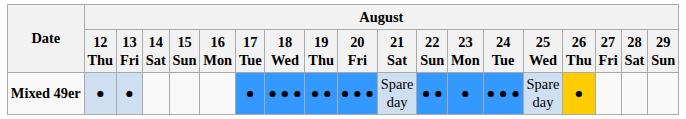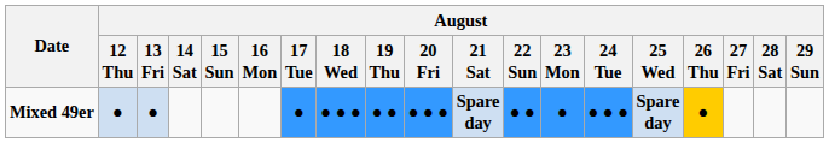 <table class="wikitable" style="margin:0.5em auto; font-size:90%; line-height:1.25em;">
 <tr>
 <th rowspan=2>Date</th>
 <th colspan=18>August</th>
 </tr>
 <tr>
 <th>12<br>Thu</th>
 <th>13<br>Fri</th>
 <th>14<br>Sat</th>
 <th>15<br>Sun</th>
 <th>16<br>Mon</th>
 <th>17<br>Tue</th>
 <th>18<br>Wed</th>
 <th>19<br>Thu</th>
 <th>20<br>Fri</th>
 <th>21<br>Sat</th>
 <th>22<br>Sun</th>
 <th>23<br>Mon</th>
 <th>24<br>Tue</th>
 <th>25<br>Wed</th>
 <th>26<br>Thu</th>
 <th>27<br>Fri</th>
 <th>28<br>Sat</th>
 <th>29<br>Sun</th>
 </tr>
 <tr align="center">
 <td align="center"><strong>Mixed 49er</strong></td>
 <td bgcolor=#cedff2><span> ● </span></td>
 <td bgcolor=#cedff2><span> ● </span></td>
 <td></td>
 <td></td>
 <td></td>
 <td bgcolor=#3399ff><span> ● </span></td>
 <td bgcolor=#3399ff><span> ● ● ● </span></td>
 <td bgcolor=#3399ff><span> ● ● </span></td>
 <td bgcolor=#3399ff><span> ● ● ● </span></td>
-<td bgcolor=#cedff2>Spare<br>day</td>
+<td bgcolor=#cedff2><strong>Spare<br>day</strong></td>
 <td bgcolor=#3399ff><span> ● ● </span></td>
 <td bgcolor=#3399ff><span> ● </span></td>
 <td bgcolor=#3399ff><span> ● ● ● </span></td>
-<td bgcolor=#cedff2>Spare<br>day</td>
+<td bgcolor=#cedff2><strong>Spare<br>day</strong></td>
 <td bgcolor=#ffcc00><span> ● </span></td>
 <td></td>
 <td></td>
 <td></td>
 </tr>
 </table>
